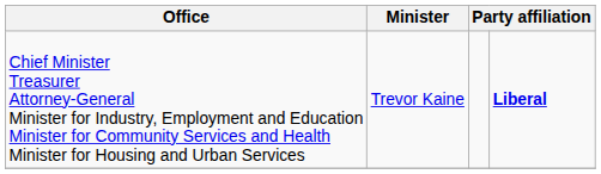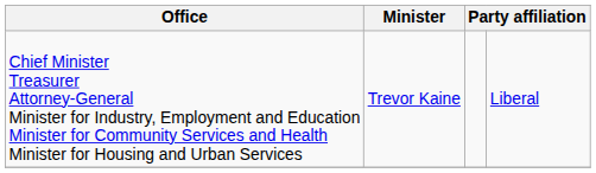 <table class="wikitable">
 <tr>
 <th>Office</th>
 <th>Minister</th>
 <th colspan=2>Party affiliation</th>
 </tr>
 <tr>
 <td><br><a href='#'>Chief Minister</a><br> <a href='#'>Treasurer</a><br> <a href='#'>Attorney-General</a><br> Minister for Industry, Employment and Education<br> <a href='#'>Minister for Community Services and Health</a><br> Minister for Housing and Urban Services</td>
 <td><a href='#'>Trevor Kaine</a></td>
 <td> </td>
-<td><strong><a href='#'>Liberal</a></strong></td>
+<td><a href='#'>Liberal</a></td>
 </tr>
 <tr>
 </tr>
 </table>
